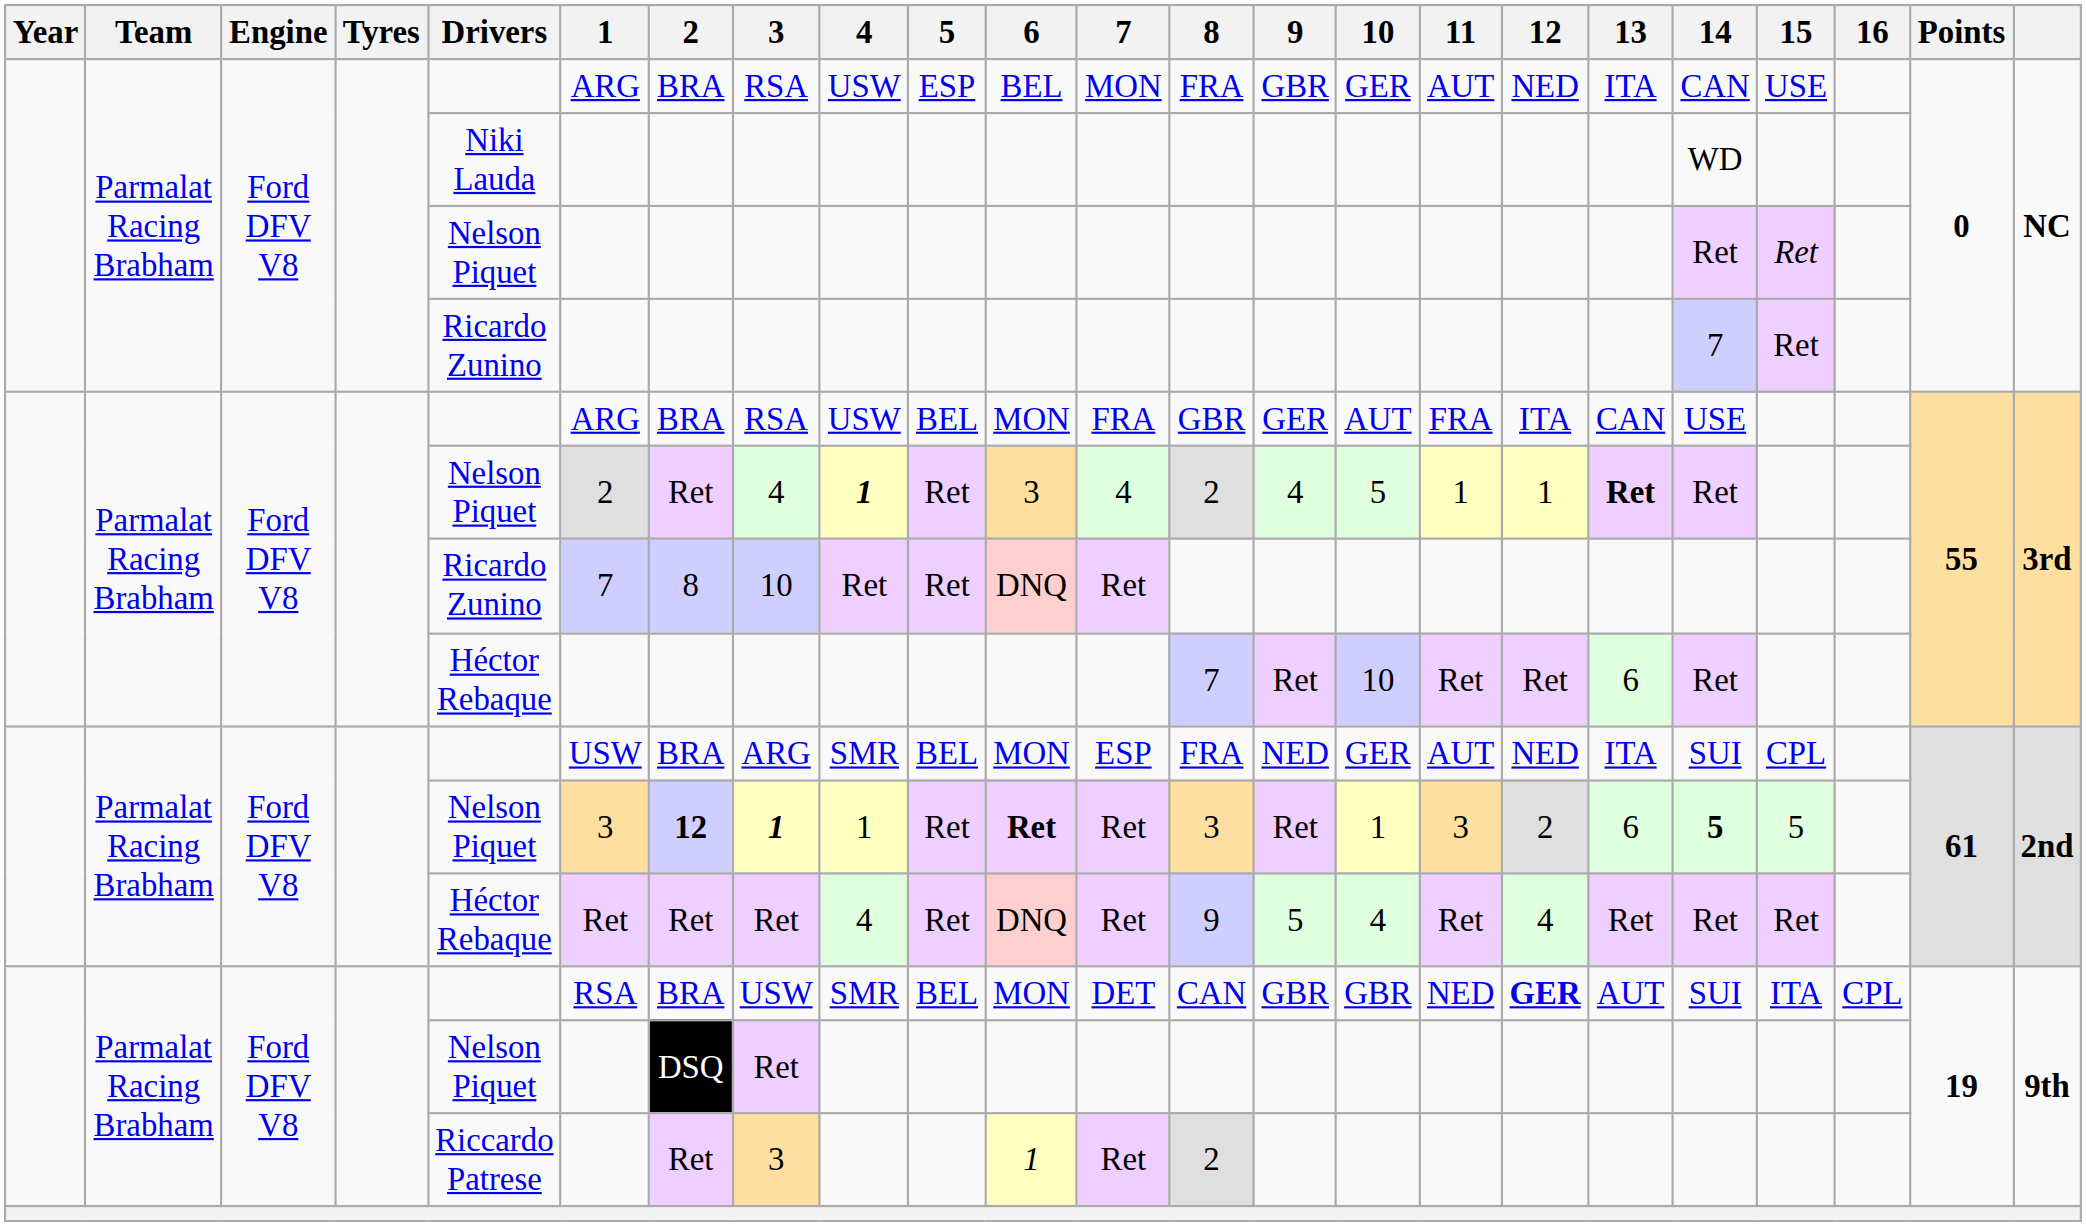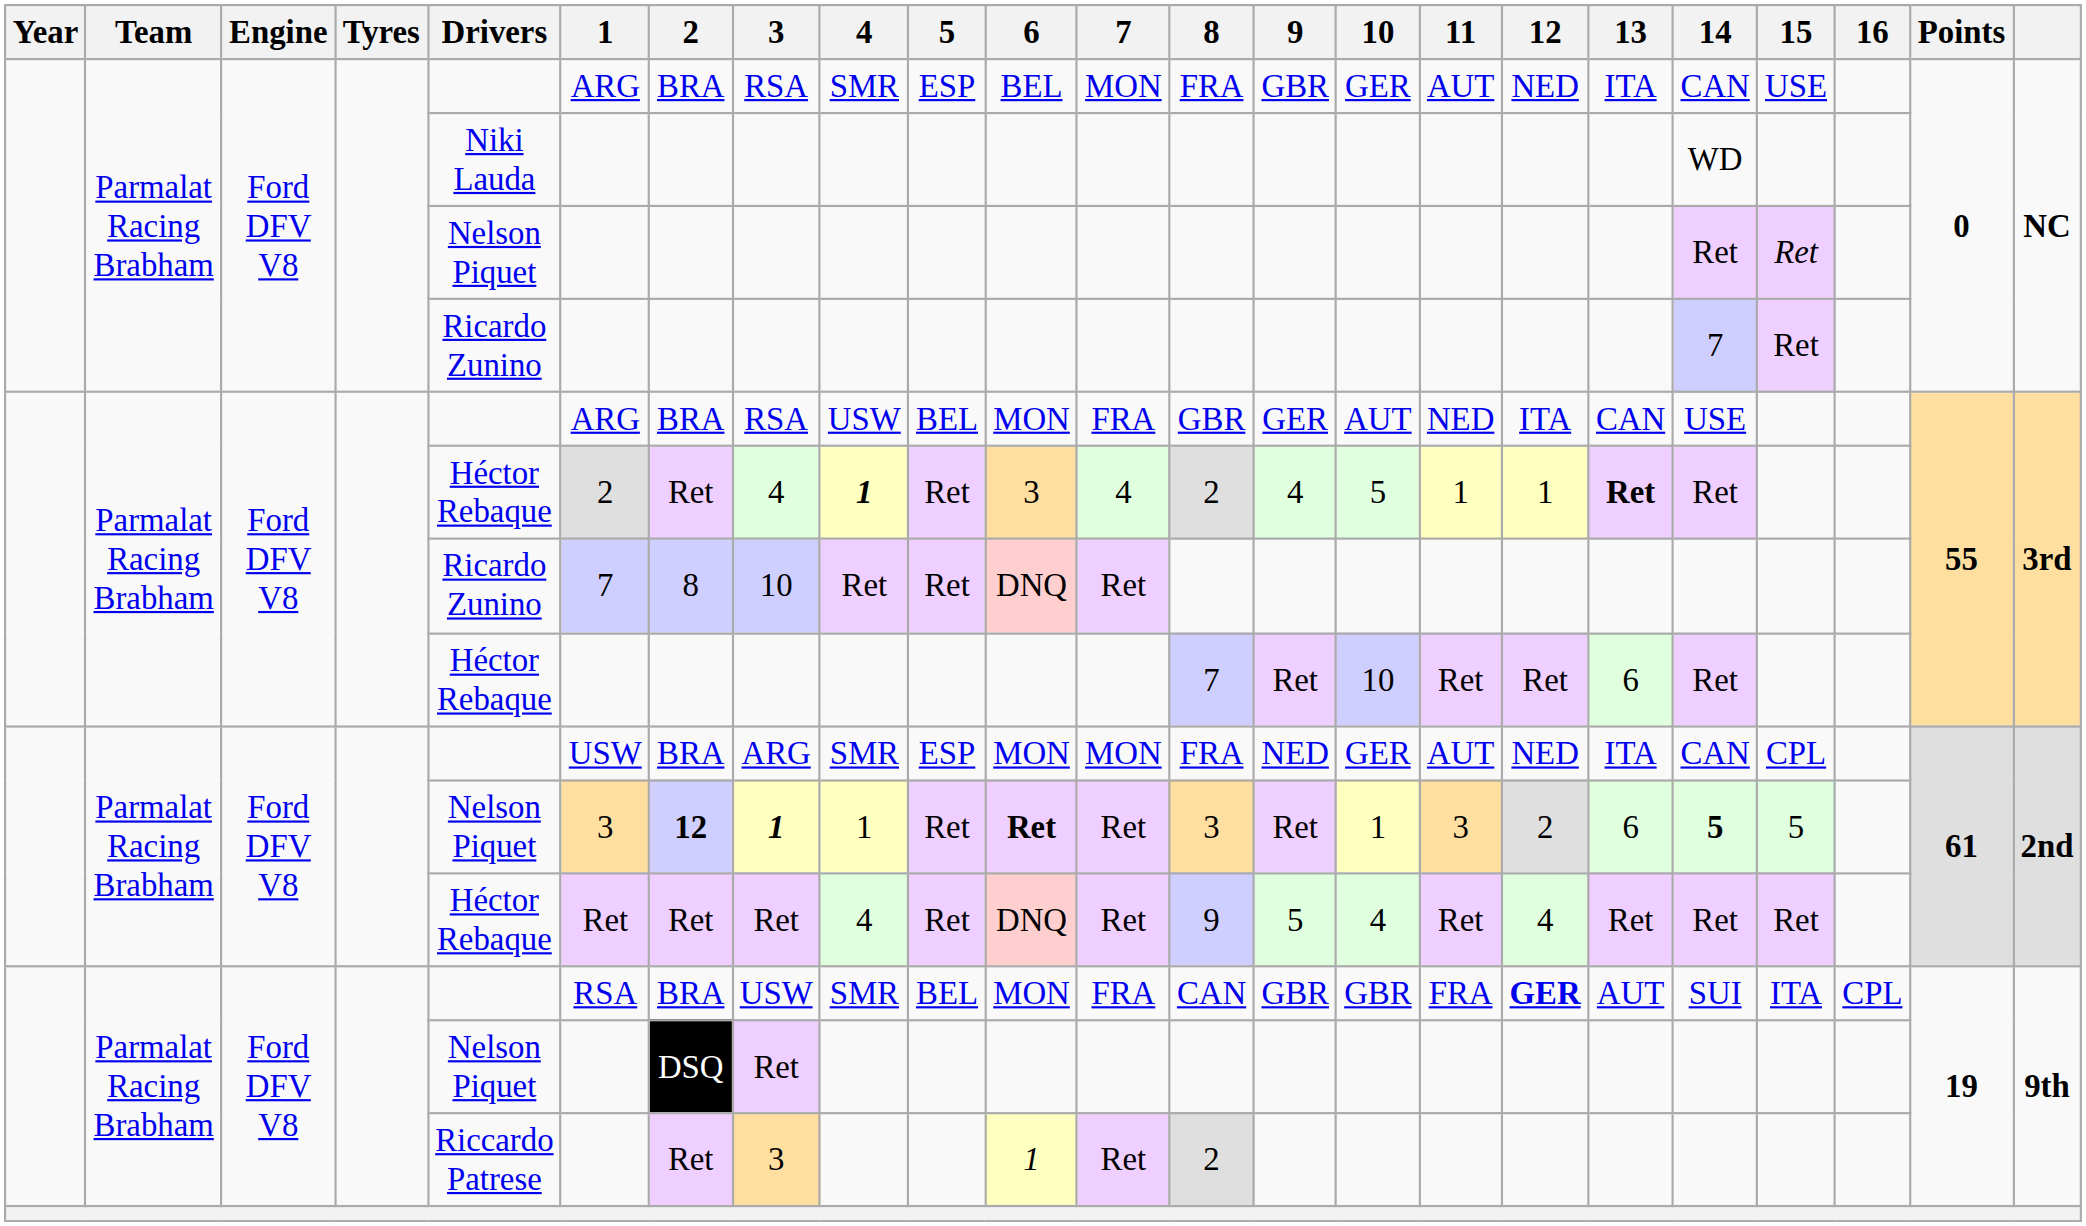 <table class="wikitable" style="text-align:center; font-size:95%">
 <tr>
 <th scope="col">Year</th>
 <th scope="col">Team</th>
 <th scope="col">Engine</th>
 <th scope="col">Tyres</th>
 <th scope="col">Drivers</th>
 <th scope="col">1</th>
 <th scope="col">2</th>
 <th scope="col">3</th>
 <th scope="col">4</th>
 <th scope="col">5</th>
 <th scope="col">6</th>
 <th scope="col">7</th>
 <th scope="col">8</th>
 <th scope="col">9</th>
 <th scope="col">10</th>
 <th scope="col">11</th>
 <th scope="col">12</th>
 <th scope="col">13</th>
 <th scope="col">14</th>
 <th scope="col">15</th>
 <th scope="col">16</th>
 <th scope="col">Points</th>
 <th scope="col"></th>
 </tr>
 <tr>
 <td Rowspan="4"></td>
 <td Rowspan="4"><a href='#'>Parmalat</a> <a href='#'>Racing Brabham</a></td>
 <td Rowspan="4"><a href='#'>Ford</a> <a href='#'>DFV</a> <a href='#'>V8</a></td>
 <td Rowspan="4"></td>
 <td></td>
 <td><a href='#'>ARG</a></td>
 <td><a href='#'>BRA</a></td>
 <td><a href='#'>RSA</a></td>
-<td><a href='#'>USW</a></td>
+<td><a href='#'>SMR</a></td>
 <td><a href='#'>ESP</a></td>
 <td><a href='#'>BEL</a></td>
 <td><a href='#'>MON</a></td>
 <td><a href='#'>FRA</a></td>
 <td><a href='#'>GBR</a></td>
 <td><a href='#'>GER</a></td>
 <td><a href='#'>AUT</a></td>
 <td><a href='#'>NED</a></td>
 <td><a href='#'>ITA</a></td>
 <td><a href='#'>CAN</a></td>
 <td><a href='#'>USE</a></td>
 <td></td>
 <td Rowspan="4"><strong>0</strong></td>
 <td Rowspan="4"><strong>NC</strong></td>
 </tr>
 <tr>
 <td><a href='#'>Niki Lauda</a></td>
 <td></td>
 <td></td>
 <td></td>
 <td></td>
 <td></td>
 <td></td>
 <td></td>
 <td></td>
 <td></td>
 <td></td>
 <td></td>
 <td></td>
 <td></td>
 <td>WD</td>
 <td></td>
 <td></td>
 </tr>
 <tr>
 <td><a href='#'>Nelson Piquet</a></td>
 <td></td>
 <td></td>
 <td></td>
 <td></td>
 <td></td>
 <td></td>
 <td></td>
 <td></td>
 <td></td>
 <td></td>
 <td></td>
 <td></td>
 <td></td>
 <td style="background:#EFCFFF;">Ret</td>
 <td style="background:#EFCFFF;"><em>Ret</em></td>
 <td></td>
 </tr>
 <tr>
 <td><a href='#'>Ricardo Zunino</a></td>
 <td></td>
 <td></td>
 <td></td>
 <td></td>
 <td></td>
 <td></td>
 <td></td>
 <td></td>
 <td></td>
 <td></td>
 <td></td>
 <td></td>
 <td></td>
 <td style="background:#CFCFFF;">7</td>
 <td style="background:#EFCFFF;">Ret</td>
 <td></td>
 </tr>
 <tr>
 <td Rowspan="4"></td>
 <td Rowspan="4"><a href='#'>Parmalat</a> <a href='#'>Racing Brabham</a></td>
 <td Rowspan="4"><a href='#'>Ford</a> <a href='#'>DFV</a> <a href='#'>V8</a></td>
 <td Rowspan="4"></td>
 <td></td>
 <td><a href='#'>ARG</a></td>
 <td><a href='#'>BRA</a></td>
 <td><a href='#'>RSA</a></td>
 <td><a href='#'>USW</a></td>
 <td><a href='#'>BEL</a></td>
 <td><a href='#'>MON</a></td>
 <td><a href='#'>FRA</a></td>
 <td><a href='#'>GBR</a></td>
 <td><a href='#'>GER</a></td>
 <td><a href='#'>AUT</a></td>
-<td><a href='#'>FRA</a></td>
+<td><a href='#'>NED</a></td>
 <td><a href='#'>ITA</a></td>
 <td><a href='#'>CAN</a></td>
 <td><a href='#'>USE</a></td>
 <td></td>
 <td></td>
 <td Rowspan="4" style="background:#FFDF9F;"><strong>55</strong></td>
 <td Rowspan="4" style="background:#FFDF9F;"><strong>3rd</strong></td>
 </tr>
 <tr>
-<td><a href='#'>Nelson Piquet</a></td>
+<td><a href='#'>Héctor Rebaque</a></td>
 <td style="background:#DFDFDF;">2</td>
 <td style="background:#EFCFFF;">Ret</td>
 <td style="background:#DFFFDF;">4</td>
 <td style="background:#FFFFBF;"><strong><em>1</em></strong></td>
 <td style="background:#EFCFFF;">Ret</td>
 <td style="background:#FFDF9F;">3</td>
 <td style="background:#DFFFDF;">4</td>
 <td style="background:#DFDFDF;">2</td>
 <td style="background:#DFFFDF;">4</td>
 <td style="background:#DFFFDF;">5</td>
 <td style="background:#FFFFBF;">1</td>
 <td style="background:#FFFFBF;">1</td>
 <td style="background:#EFCFFF;"><strong>Ret</strong></td>
 <td style="background:#EFCFFF;">Ret</td>
 <td></td>
 <td></td>
 </tr>
 <tr>
 <td><a href='#'>Ricardo Zunino</a></td>
 <td style="background:#CFCFFF;">7</td>
 <td style="background:#CFCFFF;">8</td>
 <td style="background:#CFCFFF;">10</td>
 <td style="background:#EFCFFF;">Ret</td>
 <td style="background:#EFCFFF;">Ret</td>
 <td style="background:#FFCFCF;">DNQ</td>
 <td style="background:#EFCFFF;">Ret</td>
 <td></td>
 <td></td>
 <td></td>
 <td></td>
 <td></td>
 <td></td>
 <td></td>
 <td></td>
 <td></td>
 </tr>
 <tr>
 <td><a href='#'>Héctor Rebaque</a></td>
 <td></td>
 <td></td>
 <td></td>
 <td></td>
 <td></td>
 <td></td>
 <td></td>
 <td style="background:#CFCFFF;">7</td>
 <td style="background:#EFCFFF;">Ret</td>
 <td style="background:#CFCFFF;">10</td>
 <td style="background:#EFCFFF;">Ret</td>
 <td style="background:#EFCFFF;">Ret</td>
 <td style="background:#DFFFDF;">6</td>
 <td style="background:#EFCFFF;">Ret</td>
 <td></td>
 <td></td>
 </tr>
 <tr>
 <td Rowspan="3"></td>
 <td Rowspan="3"><a href='#'>Parmalat</a> <a href='#'>Racing Brabham</a></td>
 <td Rowspan="3"><a href='#'>Ford</a> <a href='#'>DFV</a> <a href='#'>V8</a></td>
 <td Rowspan="3"><br></td>
 <td></td>
 <td><a href='#'>USW</a></td>
 <td><a href='#'>BRA</a></td>
 <td><a href='#'>ARG</a></td>
 <td><a href='#'>SMR</a></td>
-<td><a href='#'>BEL</a></td>
+<td><a href='#'>ESP</a></td>
 <td><a href='#'>MON</a></td>
-<td><a href='#'>ESP</a></td>
+<td><a href='#'>MON</a></td>
 <td><a href='#'>FRA</a></td>
 <td><a href='#'>NED</a></td>
 <td><a href='#'>GER</a></td>
 <td><a href='#'>AUT</a></td>
 <td><a href='#'>NED</a></td>
 <td><a href='#'>ITA</a></td>
-<td><a href='#'>SUI</a></td>
+<td><a href='#'>CAN</a></td>
 <td><a href='#'>CPL</a></td>
 <td></td>
 <td Rowspan="3" style="background:#DFDFDF;"><strong>61</strong></td>
 <td Rowspan="3" style="background:#DFDFDF;"><strong>2nd</strong></td>
 </tr>
 <tr>
 <td><a href='#'>Nelson Piquet</a></td>
 <td style="background:#FFDF9F;">3</td>
 <td style="background:#CFCFFF;"><strong>12</strong></td>
 <td style="background:#FFFFBF;"><strong><em>1</em></strong></td>
 <td style="background:#FFFFBF;">1</td>
 <td style="background:#EFCFFF;">Ret</td>
 <td style="background:#EFCFFF;"><strong>Ret</strong></td>
 <td style="background:#EFCFFF;">Ret</td>
 <td style="background:#FFDF9F;">3</td>
 <td style="background:#EFCFFF;">Ret</td>
 <td style="background:#FFFFBF;">1</td>
 <td style="background:#FFDF9F;">3</td>
 <td style="background:#DFDFDF;">2</td>
 <td style="background:#DFFFDF;">6</td>
 <td style="background:#DFFFDF;"><strong>5</strong></td>
 <td style="background:#DFFFDF;">5</td>
 <td></td>
 </tr>
 <tr>
 <td><a href='#'>Héctor Rebaque</a></td>
 <td style="background:#EFCFFF;">Ret</td>
 <td style="background:#EFCFFF;">Ret</td>
 <td style="background:#EFCFFF;">Ret</td>
 <td style="background:#DFFFDF;">4</td>
 <td style="background:#EFCFFF;">Ret</td>
 <td style="background:#FFCFCF;">DNQ</td>
 <td style="background:#EFCFFF;">Ret</td>
 <td style="background:#CFCFFF;">9</td>
 <td style="background:#DFFFDF;">5</td>
 <td style="background:#DFFFDF;">4</td>
 <td style="background:#EFCFFF;">Ret</td>
 <td style="background:#DFFFDF;">4</td>
 <td style="background:#EFCFFF;">Ret</td>
 <td style="background:#EFCFFF;">Ret</td>
 <td style="background:#EFCFFF;">Ret</td>
 <td></td>
 </tr>
 <tr>
 <td Rowspan="3"></td>
 <td Rowspan="3"><a href='#'>Parmalat</a> <a href='#'>Racing Brabham</a></td>
 <td Rowspan="3"><a href='#'>Ford</a> <a href='#'>DFV</a> <a href='#'>V8</a></td>
 <td Rowspan="3"></td>
 <td></td>
 <td><a href='#'>RSA</a></td>
 <td><a href='#'>BRA</a></td>
 <td><a href='#'>USW</a></td>
 <td><a href='#'>SMR</a></td>
 <td><a href='#'>BEL</a></td>
 <td><a href='#'>MON</a></td>
-<td><a href='#'>DET</a></td>
+<td><a href='#'>FRA</a></td>
 <td><a href='#'>CAN</a></td>
 <td><a href='#'>GBR</a></td>
 <td><a href='#'>GBR</a></td>
-<td><a href='#'>NED</a></td>
+<td><a href='#'>FRA</a></td>
 <td><strong><a href='#'>GER</a></strong></td>
 <td><a href='#'>AUT</a></td>
 <td><a href='#'>SUI</a></td>
 <td><a href='#'>ITA</a></td>
 <td><a href='#'>CPL</a></td>
 <td Rowspan="3"><strong>19</strong></td>
 <td Rowspan="3"><strong>9th</strong></td>
 </tr>
 <tr>
 <td><a href='#'>Nelson Piquet</a></td>
 <td></td>
 <td style="background:#000000; color:white"><span>DSQ</span></td>
 <td style="background:#EFCFFF;">Ret</td>
 <td></td>
 <td></td>
 <td></td>
 <td></td>
 <td></td>
 <td></td>
 <td></td>
 <td></td>
 <td></td>
 <td></td>
 <td></td>
 <td></td>
 <td></td>
 </tr>
 <tr>
 <td><a href='#'>Riccardo Patrese</a></td>
 <td></td>
 <td style="background:#EFCFFF;">Ret</td>
 <td style="background:#FFDF9F;">3</td>
 <td></td>
 <td></td>
 <td style="background:#FFFFBF;"><em>1</em></td>
 <td style="background:#EFCFFF;">Ret</td>
 <td style="background:#DFDFDF;">2</td>
 <td></td>
 <td></td>
 <td></td>
 <td></td>
 <td></td>
 <td></td>
 <td></td>
 <td></td>
 </tr>
 <tr>
 <th colspan="23"></th>
 </tr>
 </table>
